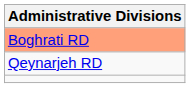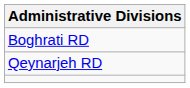 <table class="wikitable">
 <tr>
 <th>Administrative Divisions</th>
 </tr>
 <tr>
-<td style="background: lightsalmon;"><a href='#'>Boghrati RD</a></td>
+<td><a href='#'>Boghrati RD</a></td>
 </tr>
 <tr>
 <td><a href='#'>Qeynarjeh RD</a></td>
 </tr>
 <tr>
 <td colspan=1></td>
 </tr>
 </table>
